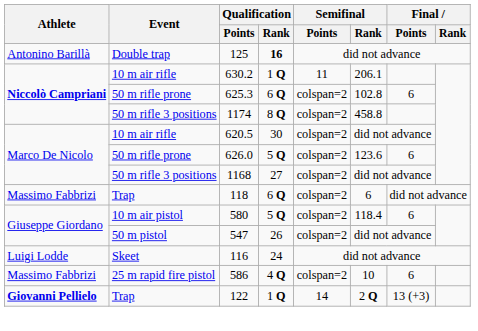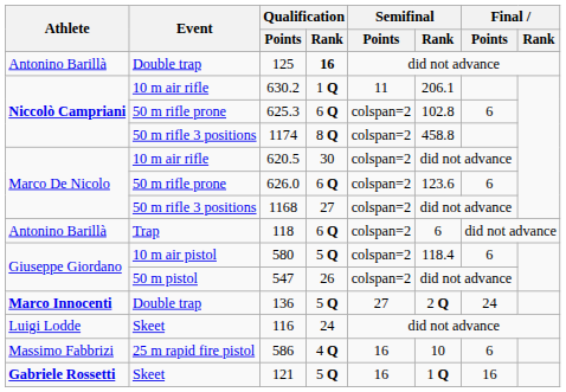 <table class="wikitable" style="font-size:90%">
 <tr>
 <th rowspan="2">Athlete</th>
 <th rowspan="2">Event</th>
 <th colspan=2>Qualification</th>
 <th colspan=2>Semifinal</th>
 <th colspan=2>Final / </th>
 </tr>
 <tr style="font-size:95%">
 <th>Points</th>
 <th>Rank</th>
 <th>Points</th>
 <th>Rank</th>
 <th>Points</th>
 <th>Rank</th>
 </tr>
 <tr align=center>
 <td align=left><a href='#'>Antonino Barillà</a></td>
 <td align=left><a href='#'>Double trap</a></td>
 <td>125</td>
 <td><strong>16</strong></td>
 <td colspan=4>did not advance</td>
 </tr>
 <tr align=center>
 <td align=left rowspan=3><strong><a href='#'>Niccolò Campriani</a></strong></td>
 <td align=left><a href='#'>10 m air rifle</a></td>
 <td>630.2 </td>
 <td>1 <strong>Q</strong></td>
 <td>11</td>
 <td>206.1 </td>
 <td></td>
 </tr>
 <tr align=center>
 <td align=left><a href='#'>50 m rifle prone</a></td>
 <td>625.3</td>
 <td>6 <strong>Q</strong></td>
 <td>colspan=2 </td>
 <td>102.8</td>
 <td>6</td>
 </tr>
 <tr align=center>
 <td align=left><a href='#'>50 m rifle 3 positions</a></td>
 <td>1174</td>
 <td>8 <strong>Q</strong></td>
 <td>colspan=2 </td>
 <td>458.8 </td>
 <td></td>
 </tr>
 <tr align=center>
 <td align=left rowspan=3><a href='#'>Marco De Nicolo</a></td>
 <td align=left><a href='#'>10 m air rifle</a></td>
 <td>620.5</td>
 <td>30</td>
 <td>colspan=2 </td>
 <td colspan=2>did not advance</td>
 </tr>
 <tr align=center>
 <td align=left><a href='#'>50 m rifle prone</a></td>
 <td>626.0</td>
-<td>5 <strong>Q</strong></td>
+<td>6 <strong>Q</strong></td>
 <td>colspan=2 </td>
 <td>123.6</td>
 <td>6</td>
 </tr>
 <tr align=center>
 <td align=left><a href='#'>50 m rifle 3 positions</a></td>
 <td>1168</td>
 <td>27</td>
 <td>colspan=2 </td>
 <td colspan=2>did not advance</td>
 </tr>
 <tr align=center>
-<td align=left><a href='#'>Massimo Fabbrizi</a></td>
+<td align=left><a href='#'>Antonino Barillà</a></td>
 <td align=left><a href='#'>Trap</a></td>
 <td>118</td>
 <td>6 <strong>Q</strong></td>
 <td>colspan=2 </td>
 <td>6</td>
 <td colspan=2>did not advance</td>
 </tr>
 <tr align=center>
 <td align=left rowspan=2><a href='#'>Giuseppe Giordano</a></td>
 <td align=left><a href='#'>10 m air pistol</a></td>
 <td>580</td>
 <td>5 <strong>Q</strong></td>
 <td>colspan=2 </td>
 <td>118.4</td>
 <td>6</td>
 </tr>
 <tr align=center>
 <td align=left><a href='#'>50 m pistol</a></td>
 <td>547</td>
 <td>26</td>
 <td>colspan=2 </td>
 <td colspan=2>did not advance</td>
 </tr>
 <tr align=center>
+<td align=left><strong><a href='#'>Marco Innocenti</a></strong></td>
+<td align=left><a href='#'>Double trap</a></td>
+<td>136</td>
+<td>5 <strong>Q</strong></td>
+<td>27</td>
+<td>2 <strong>Q</strong></td>
+<td>24</td>
+<td></td>
+</tr>
+<tr align=center>
 <td align=left><a href='#'>Luigi Lodde</a></td>
 <td align=left><a href='#'>Skeet</a></td>
 <td>116</td>
 <td>24</td>
 <td colspan=4>did not advance</td>
 </tr>
 <tr align=center>
 <td align=left><a href='#'>Massimo Fabbrizi</a></td>
 <td align=left><a href='#'>25 m rapid fire pistol</a></td>
 <td>586</td>
 <td>4 <strong>Q</strong></td>
-<td>colspan=2 </td>
+<td>16</td>
 <td>10</td>
 <td>6</td>
 </tr>
 <tr align=center>
-<td align=left><strong><a href='#'>Giovanni Pellielo</a></strong></td>
-<td align=left><a href='#'>Trap</a></td>
-<td>122</td>
+<td align=left><strong><a href='#'>Gabriele Rossetti</a></strong></td>
+<td align=left><a href='#'>Skeet</a></td>
+<td>121</td>
+<td>5 <strong>Q</strong></td>
+<td>16</td>
 <td>1 <strong>Q</strong></td>
-<td>14</td>
-<td>2 <strong>Q</strong></td>
-<td>13 (+3)</td>
+<td>16</td>
 <td></td>
 </tr>
 </table>
